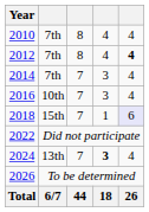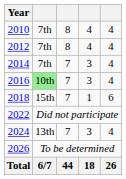 <table class="wikitable" style="text-align:center">
 <tr>
 <th>Year</th>
 <th></th>
 <th width=25></th>
 <th width=25></th>
 <th width=25></th>
 </tr>
 <tr>
 <td> <a href='#'>2010</a></td>
 <td>7th</td>
 <td>8</td>
 <td>4</td>
 <td>4</td>
 </tr>
 <tr>
 <td> <a href='#'>2012</a></td>
 <td>7th</td>
 <td>8</td>
 <td>4</td>
-<td><strong>4</strong></td>
+<td>4</td>
 </tr>
 <tr>
 <td> <a href='#'>2014</a></td>
 <td>7th</td>
 <td>7</td>
 <td>3</td>
 <td>4</td>
 </tr>
 <tr>
 <td> <a href='#'>2016</a></td>
-<td>10th</td>
+<td style="background: lightgreen;">10th</td>
 <td>7</td>
 <td>3</td>
 <td>4</td>
 </tr>
 <tr>
 <td> <a href='#'>2018</a></td>
 <td>15th</td>
 <td>7</td>
 <td>1</td>
-<td style="background: lavender;">6</td>
+<td>6</td>
 </tr>
 <tr>
 <td> <a href='#'>2022</a></td>
 <td colspan=4><em>Did not participate</em></td>
 </tr>
 <tr>
 <td> <a href='#'>2024</a></td>
 <td>13th</td>
 <td>7</td>
-<td><strong>3</strong></td>
+<td>3</td>
 <td>4</td>
 </tr>
 <tr>
 <td> <a href='#'>2026</a></td>
 <td colspan="4"><em>To be determined</em></td>
 </tr>
 <tr>
 <th>Total</th>
 <th>6/7</th>
 <th>44</th>
 <th>18</th>
 <th>26</th>
 </tr>
 </table>
